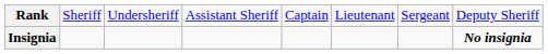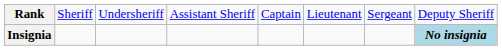 <table class="wikitable">
 <tr style="text-align:center;">
 <th>Rank</th>
 <td><a href='#'>Sheriff</a></td>
 <td><a href='#'>Undersheriff</a></td>
 <td><a href='#'>Assistant Sheriff</a></td>
 <td><a href='#'>Captain</a></td>
 <td><a href='#'>Lieutenant</a></td>
 <td><a href='#'>Sergeant</a></td>
 <td><a href='#'>Deputy Sheriff</a></td>
 </tr>
 <tr style="text-align:center;">
 <th>Insignia</th>
 <td></td>
 <td></td>
 <td></td>
 <td></td>
 <td></td>
 <td></td>
-<td><strong><em>No insignia</em></strong></td>
+<td style="background: lightblue;"><strong><em>No insignia</em></strong></td>
 </tr>
 </table>
